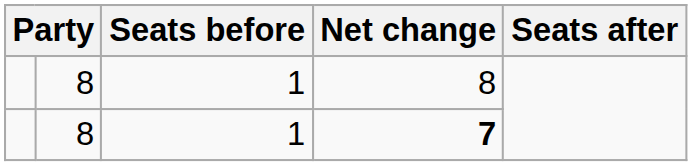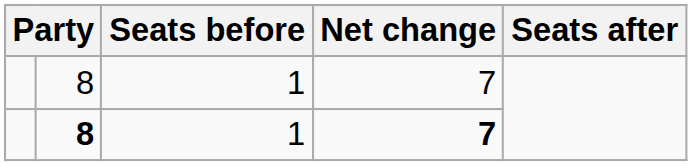 <table class=wikitable style="text-align:right">
 <tr>
 <th colspan="2">Party</th>
 <th>Seats before</th>
 <th>Net change</th>
 <th>Seats after</th>
 </tr>
 <tr>
 <td></td>
 <td>8</td>
 <td> 1</td>
-<td>8</td>
+<td>7</td>
 </tr>
 <tr>
 <td></td>
-<td>8</td>
+<td><strong>8</strong></td>
 <td> 1</td>
 <td><strong>7</strong></td>
 </tr>
 </table>
